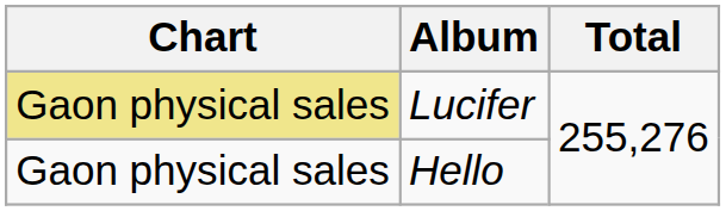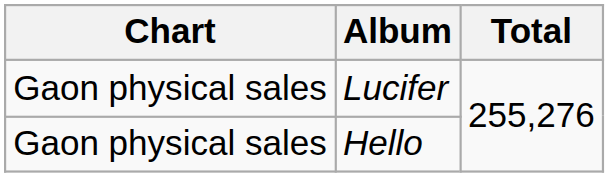 <table class="wikitable">
 <tr>
 <th>Chart</th>
 <th>Album</th>
 <th>Total</th>
 </tr>
 <tr>
-<td style="background: khaki;">Gaon physical sales</td>
+<td>Gaon physical sales</td>
 <td><em>Lucifer</em></td>
 <td rowspan="2">255,276</td>
 </tr>
 <tr>
 <td>Gaon physical sales</td>
 <td><em>Hello</em></td>
 </tr>
 </table>
